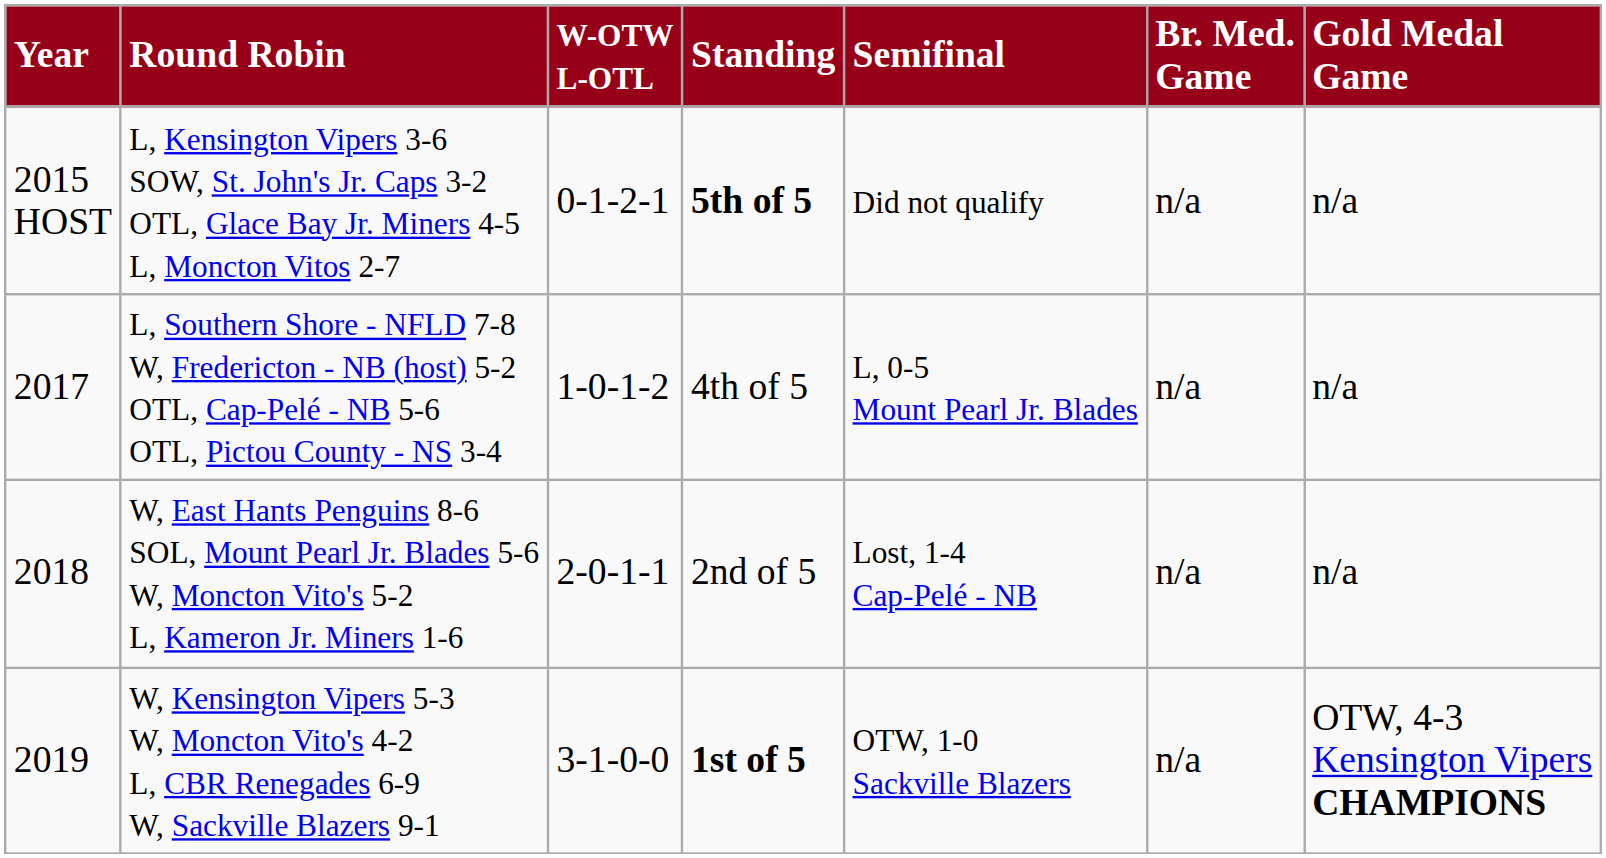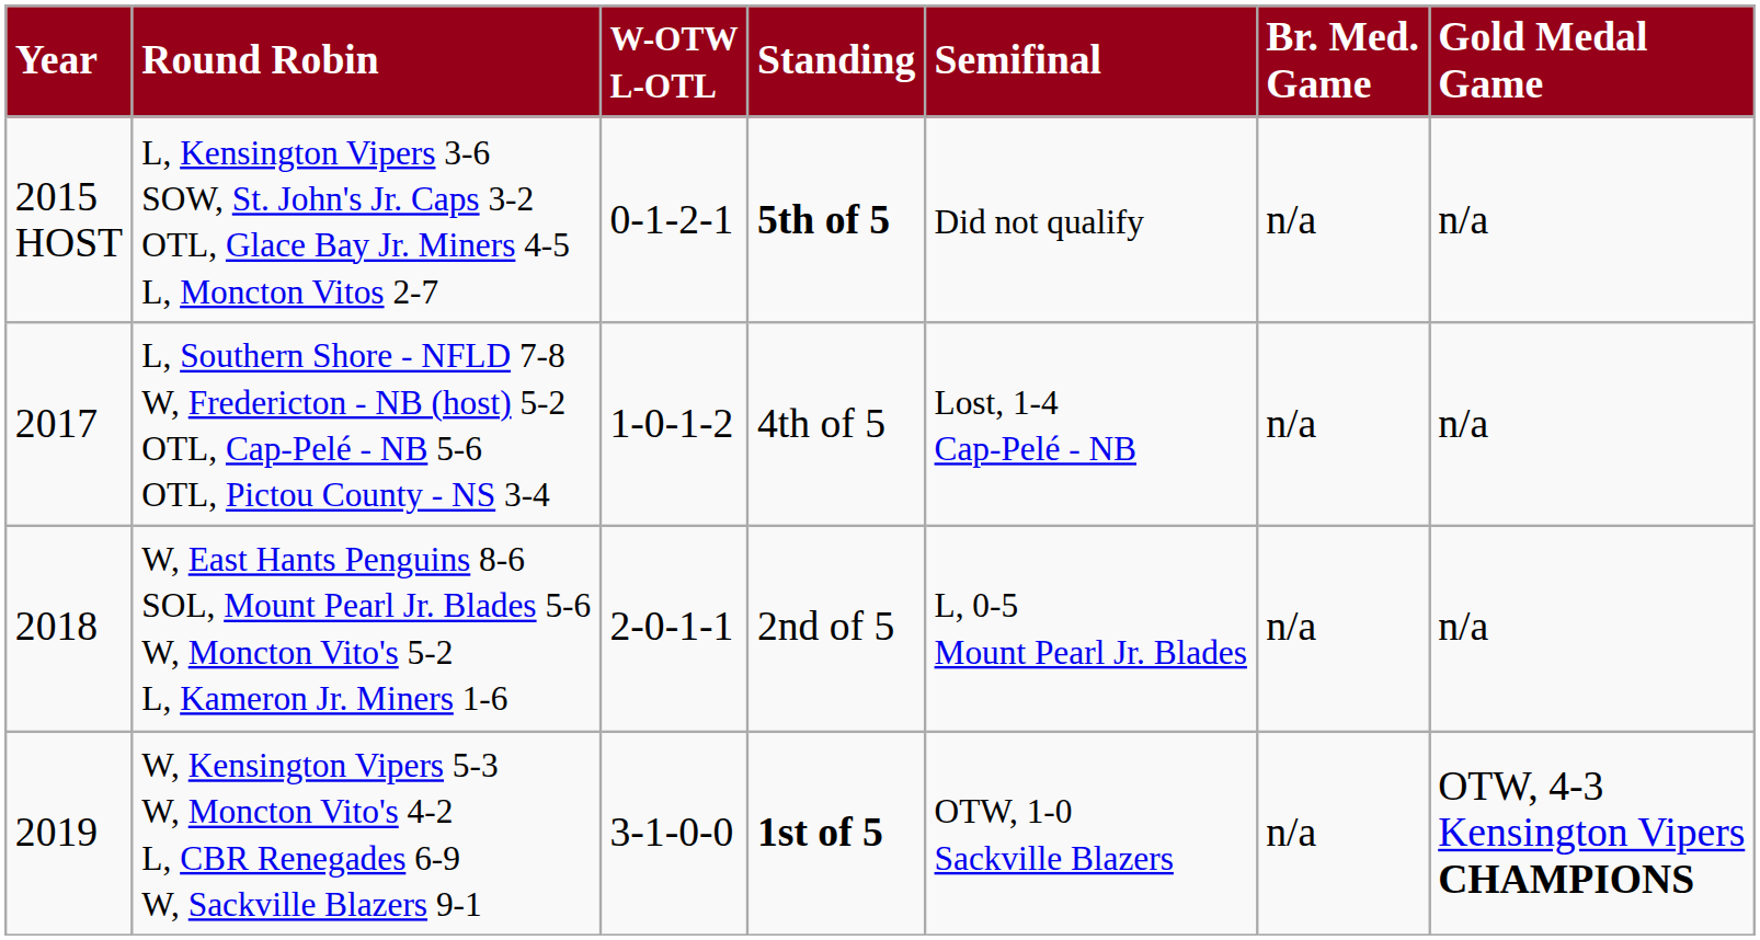 <table class="wikitable">
 <tr style="font-weight:bold; color:#FFFFFF" bgcolor="#960018" |>
 <td>Year</td>
 <td>Round Robin</td>
 <td><small> W-OTW<br>L-OTL</small></td>
 <td>Standing</td>
 <td>Semifinal</td>
 <td>Br. Med.<br>Game</td>
 <td>Gold Medal<br> Game</td>
 </tr>
 <tr>
 <td>2015<br>HOST</td>
 <td><small>L, <a href='#'>Kensington Vipers</a> 3-6<br>SOW, <a href='#'>St. John's Jr. Caps</a> 3-2<br>OTL, <a href='#'>Glace Bay Jr. Miners</a> 4-5<br>L, <a href='#'>Moncton Vitos</a> 2-7</small></td>
 <td>0-1-2-1</td>
 <td><strong>5th of 5</strong></td>
 <td><small>Did not qualify</small></td>
 <td>n/a</td>
 <td>n/a</td>
 </tr>
 <tr>
 <td>2017</td>
 <td><small>L, <a href='#'>Southern Shore - NFLD</a> 7-8<br>W, <a href='#'>Fredericton - NB (host)</a> 5-2<br>OTL, <a href='#'>Cap-Pelé - NB</a> 5-6<br>OTL, <a href='#'>Pictou County - NS</a> 3-4</small></td>
 <td>1-0-1-2</td>
 <td>4th of 5</td>
-<td><small>L, 0-5<br><a href='#'>Mount Pearl Jr. Blades</a></small></td>
+<td><small>Lost, 1-4 <br><a href='#'>Cap-Pelé - NB</a></small></td>
 <td>n/a</td>
 <td>n/a</td>
 </tr>
 <tr>
 <td>2018</td>
 <td><small>W, <a href='#'>East Hants Penguins</a> 8-6<br>SOL, <a href='#'>Mount Pearl Jr. Blades</a> 5-6<br>W, <a href='#'>Moncton Vito's</a> 5-2<br>L, <a href='#'>Kameron Jr. Miners</a> 1-6</small></td>
 <td>2-0-1-1</td>
 <td>2nd of 5</td>
-<td><small>Lost, 1-4 <br><a href='#'>Cap-Pelé - NB</a></small></td>
+<td><small>L, 0-5<br><a href='#'>Mount Pearl Jr. Blades</a></small></td>
 <td>n/a</td>
 <td>n/a</td>
 </tr>
 <tr>
 <td>2019</td>
 <td><small>W, <a href='#'>Kensington Vipers</a> 5-3<br>W, <a href='#'>Moncton Vito's</a> 4-2<br>L, <a href='#'>CBR Renegades</a> 6-9<br>W, <a href='#'>Sackville Blazers</a> 9-1</small></td>
 <td>3-1-0-0</td>
 <td><strong>1st of 5</strong></td>
 <td><small>OTW, 1-0<br><a href='#'>Sackville Blazers</a></small></td>
 <td>n/a</td>
 <td>OTW, 4-3<br><a href='#'>Kensington Vipers</a><br><strong>CHAMPIONS</strong></td>
 </tr>
 </table>
